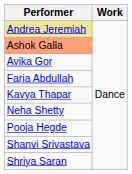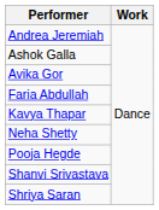 <table class="wikitable">
 <tr>
 <th>Performer</th>
 <th>Work</th>
 </tr>
 <tr>
-<td style="background: khaki;"><a href='#'>Andrea Jeremiah</a></td>
+<td><a href='#'>Andrea Jeremiah</a></td>
 <td rowspan="9">Dance</td>
 </tr>
 <tr>
-<td style="background: lightsalmon;">Ashok Galla</td>
+<td>Ashok Galla</td>
 </tr>
 <tr>
 <td><a href='#'>Avika Gor</a></td>
 </tr>
 <tr>
 <td><a href='#'>Faria Abdullah</a></td>
 </tr>
 <tr>
 <td><a href='#'>Kavya Thapar</a></td>
 </tr>
 <tr>
 <td><a href='#'>Neha Shetty</a></td>
 </tr>
 <tr>
 <td><a href='#'>Pooja Hegde</a></td>
 </tr>
 <tr>
 <td><a href='#'>Shanvi Srivastava</a></td>
 </tr>
 <tr>
 <td><a href='#'>Shriya Saran</a></td>
 </tr>
 </table>
